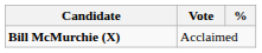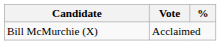 <table class="wikitable">
 <tr>
 <th bgcolor="#DDDDFF" width="200px">Candidate</th>
 <th bgcolor="#DDDDFF" width="50px">Vote</th>
 <th bgcolor="#DDDDFF" width="30px">%</th>
 </tr>
 <tr>
-<td><strong>Bill McMurchie (X)</strong></td>
+<td>Bill McMurchie (X)</td>
 <td colspan="2">Acclaimed</td>
 </tr>
 </table>
